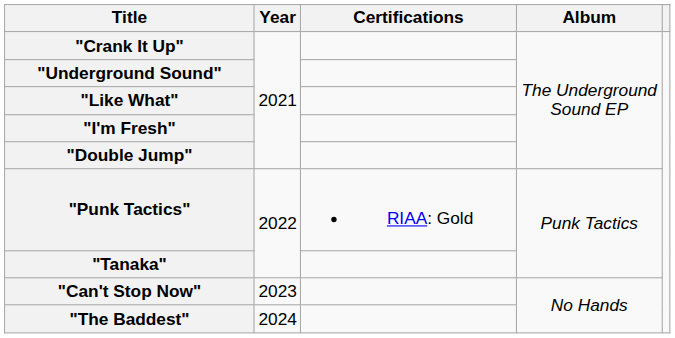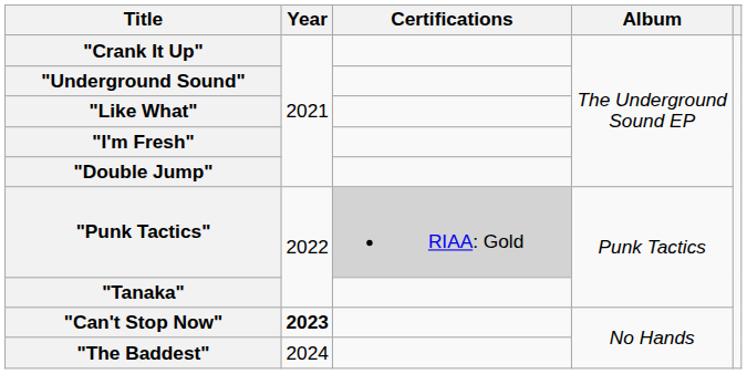 <table class="wikitable plainrowheaders" style="text-align:center;">
 <tr>
 <th rowspan="2" scope="col" style="width:14em;">Title</th>
 <th rowspan="2" scope="col">Year</th>
 <th rowspan="2" scope="col" style="width:12em;">Certifications</th>
 <th rowspan="2" scope="col" style="width:8em;">Album</th>
 </tr>
 <tr>
 <th></th>
 </tr>
 <tr>
 <th scope="row">"Crank It Up"</th>
 <td rowspan="5">2021</td>
 <td></td>
 <td rowspan="5"><em>The Underground Sound EP</em></td>
 </tr>
 <tr>
 <th scope="row">"Underground Sound"</th>
 <td></td>
 </tr>
 <tr>
 <th scope="row">"Like What"</th>
 <td></td>
 </tr>
 <tr>
 <th scope="row">"I'm Fresh"</th>
 <td></td>
 </tr>
 <tr>
 <th scope="row">"Double Jump"</th>
 <td></td>
 </tr>
 <tr>
 <th scope="row">"Punk Tactics"</th>
 <td rowspan="2">2022</td>
-<td><br><ul><li><a href='#'>RIAA</a>: Gold</li></ul></td>
+<td style="background: lightgrey;"><br><ul><li><a href='#'>RIAA</a>: Gold</li></ul></td>
 <td rowspan="2"><em>Punk Tactics</em></td>
 </tr>
 <tr>
 <th scope="row">"Tanaka"<br><span></span></th>
 <td></td>
 </tr>
 <tr>
 <th scope="row">"Can't Stop Now"</th>
-<td>2023</td>
+<td><strong>2023</strong></td>
 <td></td>
 <td rowspan="2"><em>No Hands</em></td>
 </tr>
 <tr>
 <th scope="row">"The Baddest"</th>
 <td>2024</td>
 <td></td>
 </tr>
 </table>
